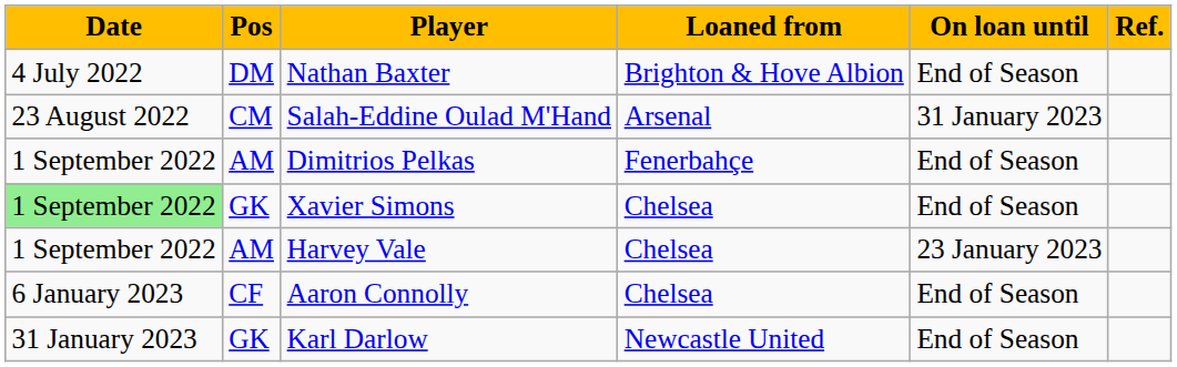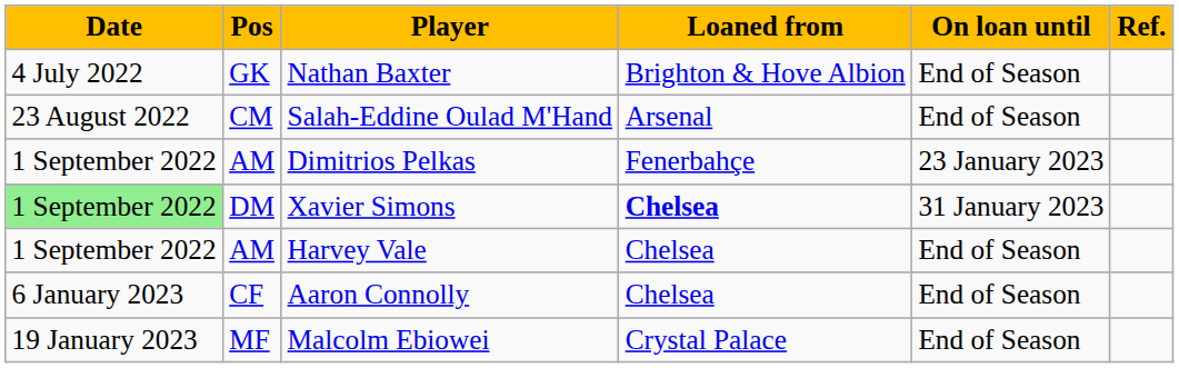 <table class="wikitable plainrowheaders sortable">
 <tr>
 <th style="background:#ffbf00; color:#000000; ">Date</th>
 <th style="background:#ffbf00; color:#000000; ">Pos</th>
 <th style="background:#ffbf00; color:#000000; ">Player</th>
 <th style="background:#ffbf00; color:#000000; ">Loaned from</th>
 <th style="background:#ffbf00; color:#000000; ">On loan until</th>
 <th style="background:#ffbf00; color:#000000; ">Ref.</th>
 </tr>
 <tr>
 <td>4 July 2022</td>
-<td><a href='#'>DM</a></td>
+<td><a href='#'>GK</a></td>
 <td> <a href='#'>Nathan Baxter</a></td>
 <td> <a href='#'>Brighton & Hove Albion</a></td>
 <td>End of Season</td>
 <td></td>
 </tr>
 <tr>
 <td>23 August 2022</td>
 <td><a href='#'>CM</a></td>
 <td> <a href='#'>Salah-Eddine Oulad M'Hand</a></td>
 <td> <a href='#'>Arsenal</a></td>
-<td>31 January 2023</td>
+<td>End of Season</td>
 <td></td>
 </tr>
 <tr>
 <td>1 September 2022</td>
 <td><a href='#'>AM</a></td>
 <td> <a href='#'>Dimitrios Pelkas</a></td>
 <td> <a href='#'>Fenerbahçe</a></td>
-<td>End of Season</td>
+<td>23 January 2023</td>
 <td></td>
 </tr>
 <tr>
 <td style="background: lightgreen;">1 September 2022</td>
-<td><a href='#'>GK</a></td>
+<td><a href='#'>DM</a></td>
 <td> <a href='#'>Xavier Simons</a></td>
-<td> <a href='#'>Chelsea</a></td>
-<td>End of Season</td>
+<td><strong> <a href='#'>Chelsea</a></strong></td>
+<td>31 January 2023</td>
 <td></td>
 </tr>
 <tr>
 <td>1 September 2022</td>
 <td><a href='#'>AM</a></td>
 <td> <a href='#'>Harvey Vale</a></td>
 <td> <a href='#'>Chelsea</a></td>
-<td>23 January 2023</td>
+<td>End of Season</td>
 <td></td>
 </tr>
 <tr>
 <td>6 January 2023</td>
 <td><a href='#'>CF</a></td>
 <td> <a href='#'>Aaron Connolly</a></td>
 <td> <a href='#'>Chelsea</a></td>
 <td>End of Season</td>
 <td></td>
 </tr>
 <tr>
-<td>31 January 2023</td>
-<td><a href='#'>GK</a></td>
-<td> <a href='#'>Karl Darlow</a></td>
-<td> <a href='#'>Newcastle United</a></td>
+<td>19 January 2023</td>
+<td><a href='#'>MF</a></td>
+<td> <a href='#'>Malcolm Ebiowei</a></td>
+<td> <a href='#'>Crystal Palace</a></td>
 <td>End of Season</td>
 <td></td>
 </tr>
 </table>
